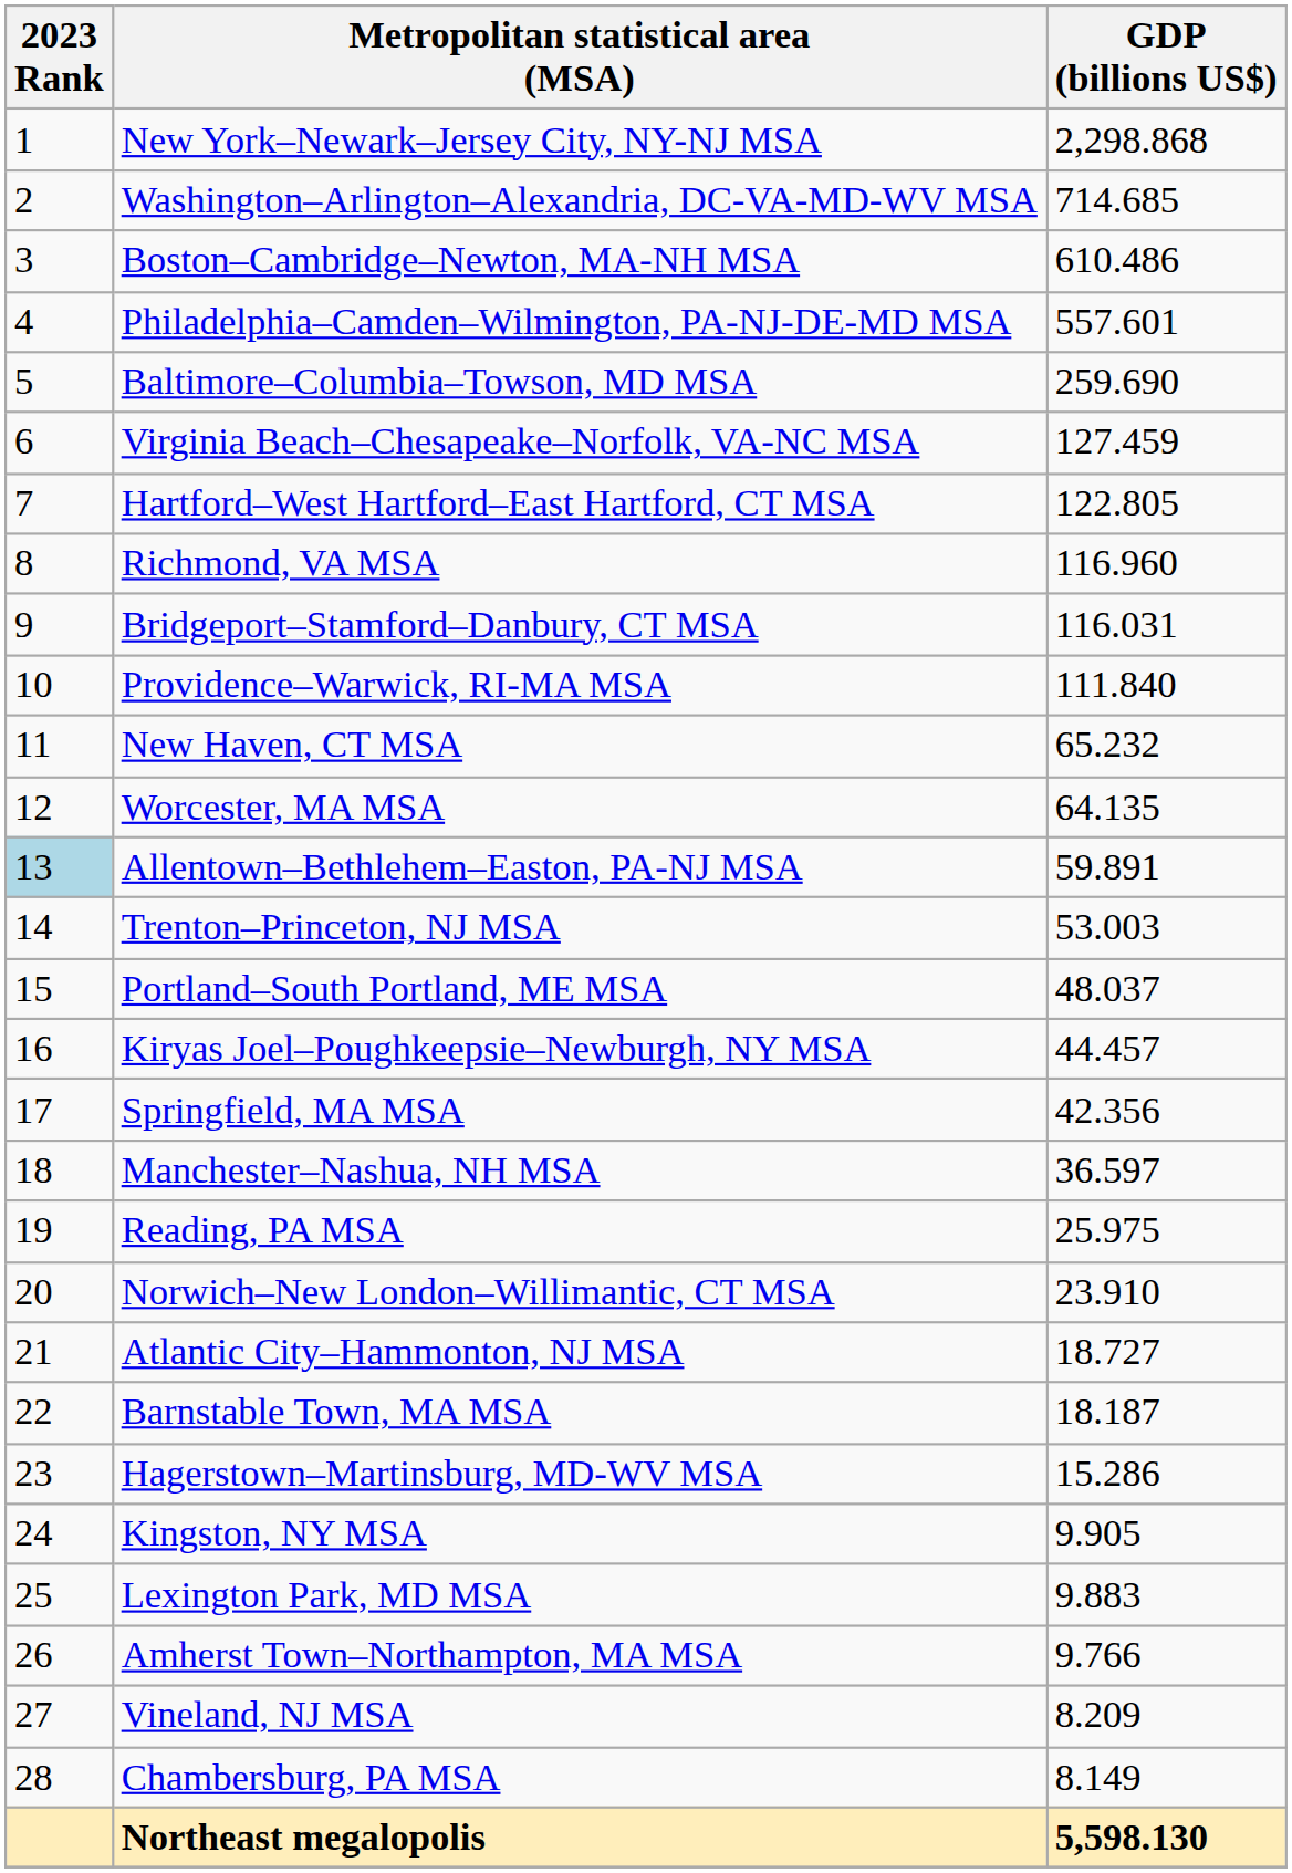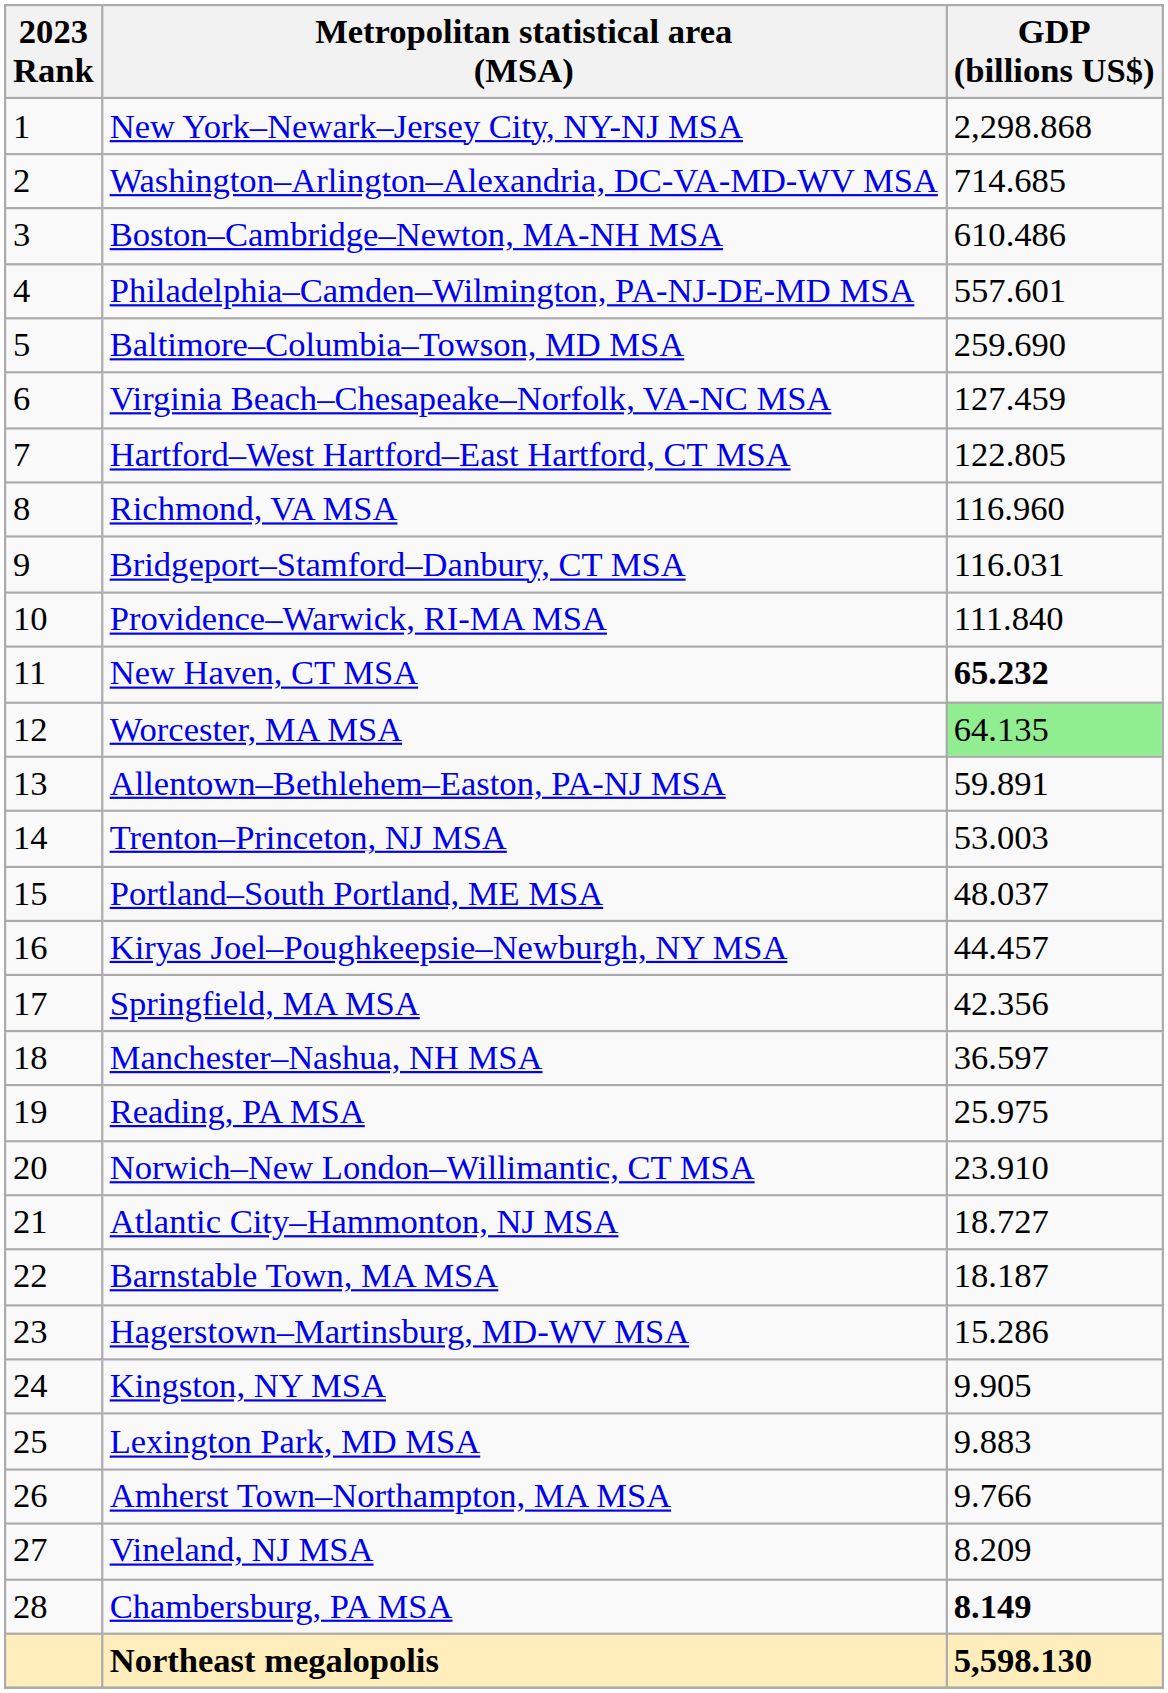 <table class="wikitable sortable">
 <tr>
 <th>2023<br>Rank</th>
 <th>Metropolitan statistical area<br>(MSA)</th>
 <th>GDP<br>(billions US$)</th>
 </tr>
 <tr>
 <td>1</td>
 <td><a href='#'>New York–Newark–Jersey City, NY-NJ MSA</a></td>
 <td>2,298.868</td>
 </tr>
 <tr>
 <td>2</td>
 <td><a href='#'>Washington–Arlington–Alexandria, DC-VA-MD-WV MSA</a></td>
 <td>714.685</td>
 </tr>
 <tr>
 <td>3</td>
 <td><a href='#'>Boston–Cambridge–Newton, MA-NH MSA</a></td>
 <td>610.486</td>
 </tr>
 <tr>
 <td>4</td>
 <td><a href='#'>Philadelphia–Camden–Wilmington, PA-NJ-DE-MD MSA</a></td>
 <td>557.601</td>
 </tr>
 <tr>
 <td>5</td>
 <td><a href='#'>Baltimore–Columbia–Towson, MD MSA</a></td>
 <td>259.690</td>
 </tr>
 <tr>
 <td>6</td>
 <td><a href='#'>Virginia Beach–Chesapeake–Norfolk, VA-NC MSA</a></td>
 <td>127.459</td>
 </tr>
 <tr>
 <td>7</td>
 <td><a href='#'>Hartford–West Hartford–East Hartford, CT MSA</a></td>
 <td>122.805</td>
 </tr>
 <tr>
 <td>8</td>
 <td><a href='#'>Richmond, VA MSA</a></td>
 <td>116.960</td>
 </tr>
 <tr>
 <td>9</td>
 <td><a href='#'>Bridgeport–Stamford–Danbury, CT MSA</a></td>
 <td>116.031</td>
 </tr>
 <tr>
 <td>10</td>
 <td><a href='#'>Providence–Warwick, RI-MA MSA</a></td>
 <td>111.840</td>
 </tr>
 <tr>
 <td>11</td>
 <td><a href='#'>New Haven, CT MSA</a></td>
-<td>65.232</td>
+<td><strong>65.232</strong></td>
 </tr>
 <tr>
 <td>12</td>
 <td><a href='#'>Worcester, MA MSA</a></td>
-<td>64.135</td>
+<td style="background: lightgreen;">64.135</td>
 </tr>
 <tr>
-<td style="background: lightblue;">13</td>
+<td>13</td>
 <td><a href='#'>Allentown–Bethlehem–Easton, PA-NJ MSA</a></td>
 <td>59.891</td>
 </tr>
 <tr>
 <td>14</td>
 <td><a href='#'>Trenton–Princeton, NJ MSA</a></td>
 <td>53.003</td>
 </tr>
 <tr>
 <td>15</td>
 <td><a href='#'>Portland–South Portland, ME MSA</a></td>
 <td>48.037</td>
 </tr>
 <tr>
 <td>16</td>
 <td><a href='#'>Kiryas Joel–Poughkeepsie–Newburgh, NY MSA</a></td>
 <td>44.457</td>
 </tr>
 <tr>
 <td>17</td>
 <td><a href='#'>Springfield, MA MSA</a></td>
 <td>42.356</td>
 </tr>
 <tr>
 <td>18</td>
 <td><a href='#'>Manchester–Nashua, NH MSA</a></td>
 <td>36.597</td>
 </tr>
 <tr>
 <td>19</td>
 <td><a href='#'>Reading, PA MSA</a></td>
 <td>25.975</td>
 </tr>
 <tr>
 <td>20</td>
 <td><a href='#'>Norwich–New London–Willimantic, CT MSA</a></td>
 <td>23.910</td>
 </tr>
 <tr>
 <td>21</td>
 <td><a href='#'>Atlantic City–Hammonton, NJ MSA</a></td>
 <td>18.727</td>
 </tr>
 <tr>
 <td>22</td>
 <td><a href='#'>Barnstable Town, MA MSA</a></td>
 <td>18.187</td>
 </tr>
 <tr>
 <td>23</td>
 <td><a href='#'>Hagerstown–Martinsburg, MD-WV MSA</a></td>
 <td>15.286</td>
 </tr>
 <tr>
 <td>24</td>
 <td><a href='#'>Kingston, NY MSA</a></td>
 <td>9.905</td>
 </tr>
 <tr>
 <td>25</td>
 <td><a href='#'>Lexington Park, MD MSA</a></td>
 <td>9.883</td>
 </tr>
 <tr>
 <td>26</td>
 <td><a href='#'>Amherst Town–Northampton, MA MSA</a></td>
 <td>9.766</td>
 </tr>
 <tr>
 <td>27</td>
 <td><a href='#'>Vineland, NJ MSA</a></td>
 <td>8.209</td>
 </tr>
 <tr>
 <td>28</td>
 <td><a href='#'>Chambersburg, PA MSA</a></td>
-<td>8.149</td>
+<td><strong>8.149</strong></td>
 </tr>
 <tr style="background:#feb;">
 <td></td>
 <td><strong>Northeast megalopolis</strong></td>
 <td><strong>5,598.130</strong></td>
 </tr>
 <tr>
 </tr>
 </table>
